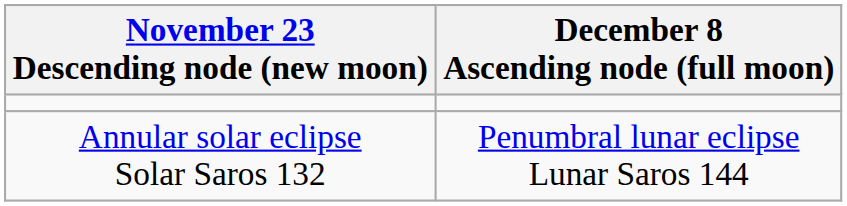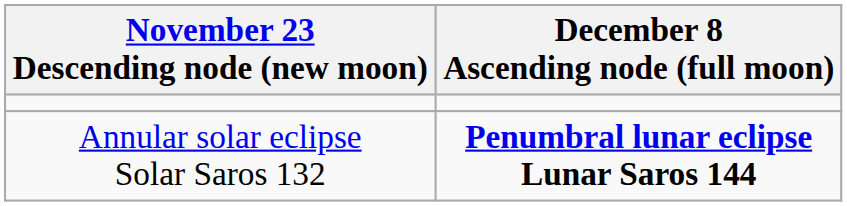 <table class="wikitable">
 <tr>
 <th><a href='#'>November 23</a><br>Descending node (new moon)<br></th>
 <th>December 8<br>Ascending node (full moon)</th>
 </tr>
 <tr>
 <td></td>
 <td></td>
 </tr>
 <tr align=center>
 <td><a href='#'>Annular solar eclipse</a><br>Solar Saros 132</td>
-<td><a href='#'>Penumbral lunar eclipse</a><br>Lunar Saros 144</td>
+<td><strong><a href='#'>Penumbral lunar eclipse</a><br>Lunar Saros 144</strong></td>
 </tr>
 </table>
